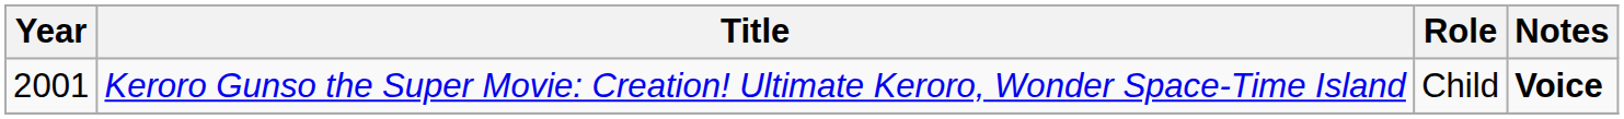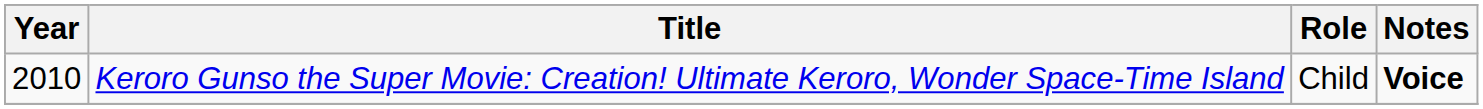 <table class="wikitable">
 <tr>
 <th>Year</th>
 <th>Title</th>
 <th>Role</th>
 <th>Notes</th>
 </tr>
 <tr>
-<td>2001</td>
+<td>2010</td>
 <td><em><a href='#'>Keroro Gunso the Super Movie: Creation! Ultimate Keroro, Wonder Space-Time Island</a></em></td>
 <td>Child</td>
 <td><strong>Voice</strong></td>
 </tr>
 <tr>
 </tr>
 </table>
